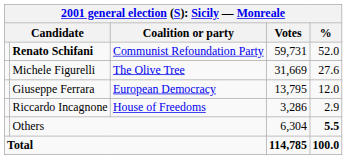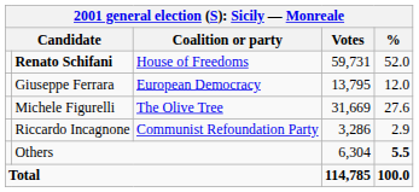 <table class=wikitable style=text-align:right>
 <tr>
 <th colspan=5><a href='#'>2001 general election</a> (<a href='#'>S</a>): <a href='#'>Sicily</a> — <a href='#'>Monreale</a></th>
 </tr>
 <tr>
 <th colspan=2>Candidate</th>
 <th>Coalition or party</th>
 <th>Votes</th>
 <th>%</th>
 </tr>
 <tr>
 <td></td>
 <td align=left><strong>Renato Schifani</strong></td>
-<td align=left><a href='#'>Communist Refoundation Party</a></td>
+<td align=left><a href='#'>House of Freedoms</a></td>
 <td>59,731</td>
 <td>52.0</td>
+</tr>
+<tr>
+<td></td>
+<td align=left>Giuseppe Ferrara</td>
+<td align=left><a href='#'>European Democracy</a></td>
+<td>13,795</td>
+<td>12.0</td>
 </tr>
 <tr>
 <td></td>
 <td align=left>Michele Figurelli</td>
 <td align=left><a href='#'>The Olive Tree</a></td>
 <td>31,669</td>
 <td>27.6</td>
 </tr>
 <tr>
 <td></td>
-<td align=left>Giuseppe Ferrara</td>
-<td align=left><a href='#'>European Democracy</a></td>
-<td>13,795</td>
-<td>12.0</td>
-</tr>
-<tr>
-<td></td>
 <td align=left>Riccardo Incagnone</td>
-<td align=left><a href='#'>House of Freedoms</a></td>
+<td align=left><a href='#'>Communist Refoundation Party</a></td>
 <td>3,286</td>
 <td>2.9</td>
 </tr>
 <tr>
 <td></td>
 <td align=left colspan=2>Others</td>
 <td>6,304</td>
 <td><strong>5.5</strong></td>
 </tr>
 <tr>
 <td align=left colspan=3><strong>Total</strong></td>
 <td><strong>114,785</strong></td>
 <td><strong>100.0</strong></td>
 </tr>
 </table>
